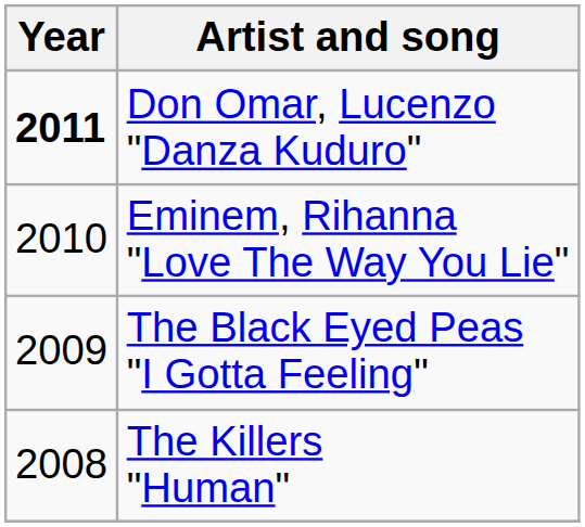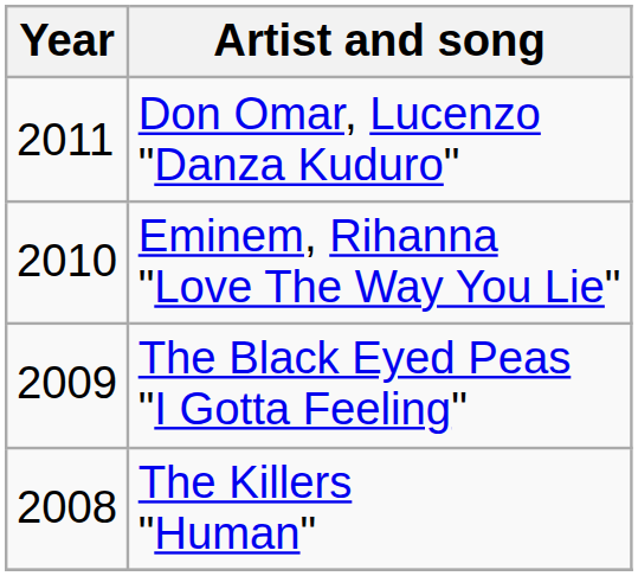 <table class="wikitable">
 <tr>
 <th>Year</th>
 <th>Artist and song</th>
 </tr>
 <tr>
-<td><strong>2011</strong></td>
+<td>2011</td>
 <td><a href='#'>Don Omar</a>, <a href='#'>Lucenzo</a> <br> "<a href='#'>Danza Kuduro</a>"</td>
 </tr>
 <tr>
 <td>2010</td>
 <td><a href='#'>Eminem</a>, <a href='#'>Rihanna</a> <br> "<a href='#'>Love The Way You Lie</a>"</td>
 </tr>
 <tr>
 <td>2009</td>
 <td><a href='#'>The Black Eyed Peas</a> <br> "<a href='#'>I Gotta Feeling</a>"</td>
 </tr>
 <tr>
 <td>2008</td>
 <td><a href='#'>The Killers</a> <br> "<a href='#'>Human</a>"</td>
 </tr>
 <tr>
 </tr>
 </table>
